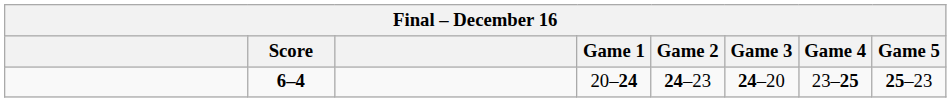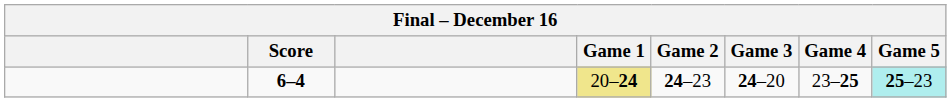 <table class="wikitable" style="text-align: center; font-size:90% ">
 <tr>
 <th colspan=8>Final – December 16</th>
 </tr>
 <tr>
 <th align="right" width="180"></th>
 <th width="60">Score</th>
 <th align="left" width="180"></th>
 <th width="50">Game 1</th>
 <th width="50">Game 2</th>
 <th width="50">Game 3</th>
 <th width="50">Game 4</th>
 <th width="50">Game 5</th>
 </tr>
 <tr>
 <td align=left></td>
 <td align=center><strong>6–4</strong></td>
 <td align=left><strong></strong></td>
-<td>20–<strong>24</strong></td>
+<td style="background: khaki;">20–<strong>24</strong></td>
 <td><strong>24</strong>–23</td>
 <td><strong>24</strong>–20</td>
 <td>23–<strong>25</strong></td>
-<td><strong>25</strong>–23</td>
+<td style="background: paleturquoise;"><strong>25</strong>–23</td>
 </tr>
 </table>
